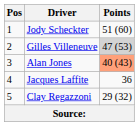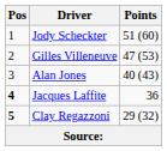 <table class="wikitable" style="font-size: 95%;">
 <tr>
 <th>Pos</th>
 <th>Driver</th>
 <th>Points</th>
 </tr>
 <tr>
 <td>1</td>
 <td> <a href='#'>Jody Scheckter</a></td>
 <td align="right">51 (60)</td>
 </tr>
 <tr>
 <td>2</td>
 <td> <a href='#'>Gilles Villeneuve</a></td>
-<td align="right" style="background: lightgrey;">47 (53)</td>
+<td align="right">47 (53)</td>
 </tr>
 <tr>
 <td>3</td>
 <td> <a href='#'>Alan Jones</a></td>
-<td align="right" style="background: lightsalmon;">40 (43)</td>
+<td align="right">40 (43)</td>
 </tr>
 <tr>
-<td>4</td>
+<td><strong>4</strong></td>
 <td> <a href='#'>Jacques Laffite</a></td>
 <td align="right">36</td>
 </tr>
 <tr>
-<td>5</td>
+<td><strong>5</strong></td>
 <td> <a href='#'>Clay Regazzoni</a></td>
 <td align="right">29 (32)</td>
 </tr>
 <tr>
 <th colspan=4>Source:</th>
 </tr>
 </table>
